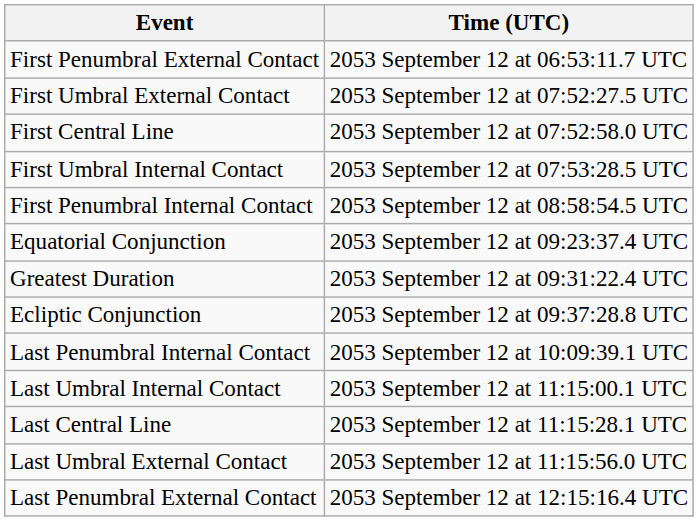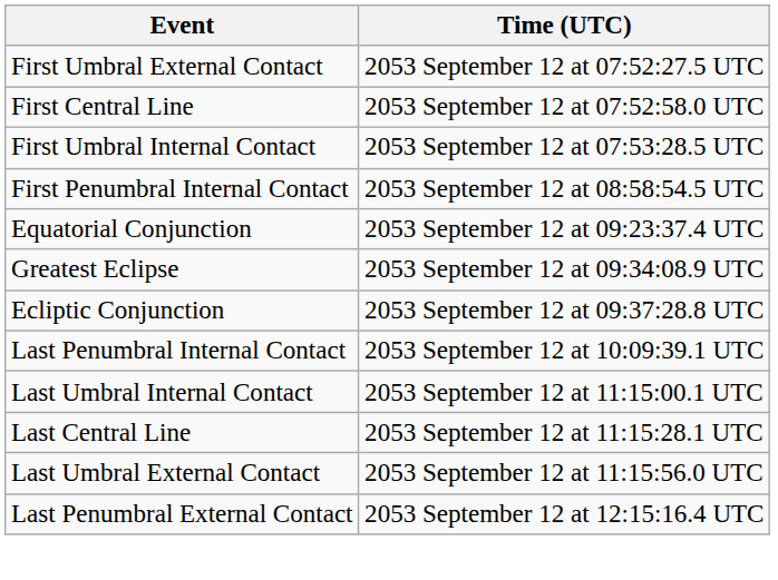 <table class="wikitable">
 <tr>
 <th>Event</th>
 <th>Time (UTC)</th>
-</tr>
-<tr>
-<td>First Penumbral External Contact</td>
-<td>2053 September 12 at 06:53:11.7 UTC</td>
 </tr>
 <tr>
 <td>First Umbral External Contact</td>
 <td>2053 September 12 at 07:52:27.5 UTC</td>
 </tr>
 <tr>
 <td>First Central Line</td>
 <td>2053 September 12 at 07:52:58.0 UTC</td>
 </tr>
 <tr>
 <td>First Umbral Internal Contact</td>
 <td>2053 September 12 at 07:53:28.5 UTC</td>
 </tr>
 <tr>
 <td>First Penumbral Internal Contact</td>
 <td>2053 September 12 at 08:58:54.5 UTC</td>
 </tr>
 <tr>
 <td>Equatorial Conjunction</td>
 <td>2053 September 12 at 09:23:37.4 UTC</td>
 </tr>
 <tr>
-<td>Greatest Duration</td>
-<td>2053 September 12 at 09:31:22.4 UTC</td>
+<td>Greatest Eclipse</td>
+<td>2053 September 12 at 09:34:08.9 UTC</td>
 </tr>
 <tr>
 <td>Ecliptic Conjunction</td>
 <td>2053 September 12 at 09:37:28.8 UTC</td>
 </tr>
 <tr>
 <td>Last Penumbral Internal Contact</td>
 <td>2053 September 12 at 10:09:39.1 UTC</td>
 </tr>
 <tr>
 <td>Last Umbral Internal Contact</td>
 <td>2053 September 12 at 11:15:00.1 UTC</td>
 </tr>
 <tr>
 <td>Last Central Line</td>
 <td>2053 September 12 at 11:15:28.1 UTC</td>
 </tr>
 <tr>
 <td>Last Umbral External Contact</td>
 <td>2053 September 12 at 11:15:56.0 UTC</td>
 </tr>
 <tr>
 <td>Last Penumbral External Contact</td>
 <td>2053 September 12 at 12:15:16.4 UTC</td>
 </tr>
 </table>
